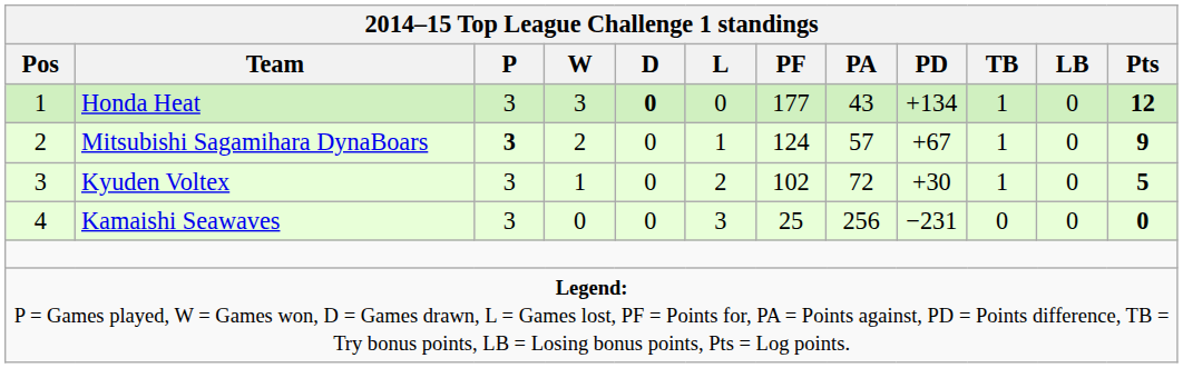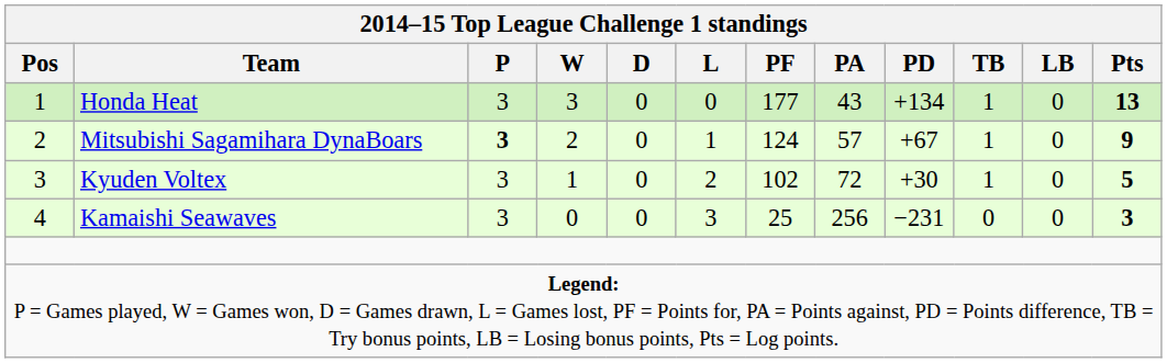 <table class="wikitable" style="text-align:center; font-size:100%; width:60%;">
 <tr>
 <th colspan="100%" cellpadding="0" cellspacing="0"><strong>2014–15 Top League Challenge 1 standings</strong></th>
 </tr>
 <tr>
 <th style="width:6%;">Pos</th>
 <th style="width:34%;">Team</th>
 <th style="width:6%;">P</th>
 <th style="width:6%;">W</th>
 <th style="width:6%;">D</th>
 <th style="width:6%;">L</th>
 <th style="width:6%;">PF</th>
 <th style="width:6%;">PA</th>
 <th style="width:6%;">PD</th>
 <th style="width:6%;">TB</th>
 <th style="width:6%;">LB</th>
 <th style="width:6%;">Pts<br></th>
 </tr>
 <tr style="background:#D0F0C0;">
 <td>1</td>
 <td style="text-align:left;"><a href='#'>Honda Heat</a></td>
 <td>3</td>
 <td>3</td>
-<td><strong>0</strong></td>
+<td>0</td>
 <td>0</td>
 <td>177</td>
 <td>43</td>
 <td>+134</td>
 <td>1</td>
 <td>0</td>
-<td><strong>12</strong></td>
+<td><strong>13</strong></td>
 </tr>
 <tr style="background:#E8FFD8;">
 <td>2</td>
 <td style="text-align:left;"><a href='#'>Mitsubishi Sagamihara DynaBoars</a></td>
 <td><strong>3</strong></td>
 <td>2</td>
 <td>0</td>
 <td>1</td>
 <td>124</td>
 <td>57</td>
 <td>+67</td>
 <td>1</td>
 <td>0</td>
 <td><strong>9</strong></td>
 </tr>
 <tr style="background:#E8FFD8;">
 <td>3</td>
 <td style="text-align:left;"><a href='#'>Kyuden Voltex</a></td>
 <td>3</td>
 <td>1</td>
 <td>0</td>
 <td>2</td>
 <td>102</td>
 <td>72</td>
 <td>+30</td>
 <td>1</td>
 <td>0</td>
 <td><strong>5</strong></td>
 </tr>
 <tr style="background:#E8FFD8;">
 <td>4</td>
 <td style="text-align:left;"><a href='#'>Kamaishi Seawaves</a></td>
 <td>3</td>
 <td>0</td>
 <td>0</td>
 <td>3</td>
 <td>25</td>
 <td>256</td>
 <td>−231</td>
 <td>0</td>
 <td>0</td>
-<td><strong>0</strong></td>
+<td><strong>3</strong></td>
 </tr>
 <tr>
 <td colspan="100%" style="height:10px;"></td>
 </tr>
 <tr>
 <td colspan="100%"><small><strong>Legend:</strong> <br> P = Games played, W = Games won, D = Games drawn, L = Games lost, PF = Points for, PA = Points against, PD = Points difference, TB = Try bonus points, LB = Losing bonus points, Pts = Log points.</small></td>
 </tr>
 </table>
